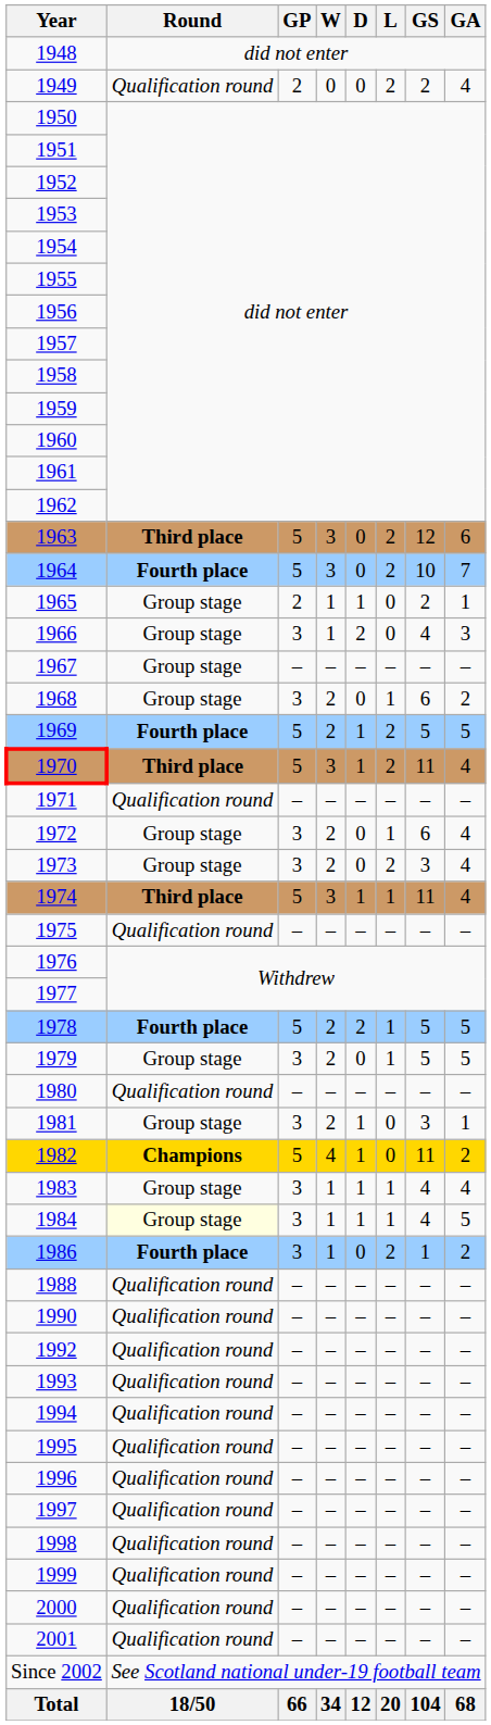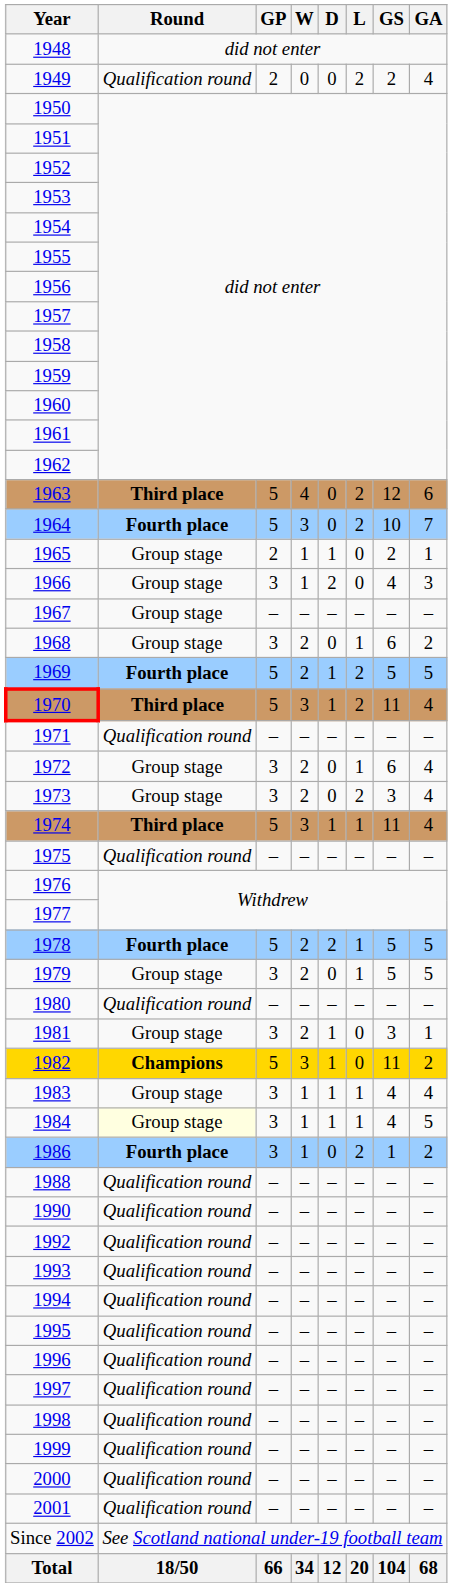 <table class="wikitable" style="text-align: center;">
 <tr>
 <th>Year</th>
 <th>Round</th>
 <th>GP</th>
 <th>W</th>
 <th>D</th>
 <th>L</th>
 <th>GS</th>
 <th>GA</th>
 </tr>
 <tr>
 <td> <a href='#'>1948</a></td>
 <td rowspan=1 colspan=8><em>did not enter</em></td>
 </tr>
 <tr>
 <td> <a href='#'>1949</a></td>
 <td><em>Qualification round</em></td>
 <td>2</td>
 <td>0</td>
 <td>0</td>
 <td>2</td>
 <td>2</td>
 <td>4</td>
 </tr>
 <tr>
 <td> <a href='#'>1950</a></td>
 <td rowspan=13 colspan=8><em>did not enter</em></td>
 </tr>
 <tr>
 <td> <a href='#'>1951</a></td>
 </tr>
 <tr>
 <td> <a href='#'>1952</a></td>
 </tr>
 <tr>
 <td> <a href='#'>1953</a></td>
 </tr>
 <tr>
 <td> <a href='#'>1954</a></td>
 </tr>
 <tr>
 <td> <a href='#'>1955</a></td>
 </tr>
 <tr>
 <td> <a href='#'>1956</a></td>
 </tr>
 <tr>
 <td> <a href='#'>1957</a></td>
 </tr>
 <tr>
 <td> <a href='#'>1958</a></td>
 </tr>
 <tr>
 <td> <a href='#'>1959</a></td>
 </tr>
 <tr>
 <td> <a href='#'>1960</a></td>
 </tr>
 <tr>
 <td> <a href='#'>1961</a></td>
 </tr>
 <tr>
 <td> <a href='#'>1962</a></td>
 </tr>
 <tr bgcolor=#c96>
 <td> <a href='#'>1963</a></td>
 <td><strong>Third place</strong></td>
 <td>5</td>
-<td>3</td>
+<td>4</td>
 <td>0</td>
 <td>2</td>
 <td>12</td>
 <td>6</td>
 </tr>
 <tr style="background:#9acdff">
 <td> <a href='#'>1964</a></td>
 <td><strong>Fourth place</strong></td>
 <td>5</td>
 <td>3</td>
 <td>0</td>
 <td>2</td>
 <td>10</td>
 <td>7</td>
 </tr>
 <tr>
 <td> <a href='#'>1965</a></td>
 <td>Group stage</td>
 <td>2</td>
 <td>1</td>
 <td>1</td>
 <td>0</td>
 <td>2</td>
 <td>1</td>
 </tr>
 <tr>
 <td> <a href='#'>1966</a></td>
 <td>Group stage</td>
 <td>3</td>
 <td>1</td>
 <td>2</td>
 <td>0</td>
 <td>4</td>
 <td>3</td>
 </tr>
 <tr>
 <td> <a href='#'>1967</a></td>
 <td>Group stage</td>
 <td>–</td>
 <td>–</td>
 <td>–</td>
 <td>–</td>
 <td>–</td>
 <td>–</td>
 </tr>
 <tr>
 <td> <a href='#'>1968</a></td>
 <td>Group stage</td>
 <td>3</td>
 <td>2</td>
 <td>0</td>
 <td>1</td>
 <td>6</td>
 <td>2</td>
 </tr>
 <tr style="background:#9acdff">
 <td> <a href='#'>1969</a></td>
 <td><strong>Fourth place</strong></td>
 <td>5</td>
 <td>2</td>
 <td>1</td>
 <td>2</td>
 <td>5</td>
 <td>5</td>
 </tr>
 <tr bgcolor=#c96>
 <td style="border: 3px solid red"> <a href='#'>1970</a></td>
 <td><strong>Third place</strong></td>
 <td>5</td>
 <td>3</td>
 <td>1</td>
 <td>2</td>
 <td>11</td>
 <td>4</td>
 </tr>
 <tr>
 <td> <a href='#'>1971</a></td>
 <td><em>Qualification round</em></td>
 <td>–</td>
 <td>–</td>
 <td>–</td>
 <td>–</td>
 <td>–</td>
 <td>–</td>
 </tr>
 <tr>
 <td> <a href='#'>1972</a></td>
 <td>Group stage</td>
 <td>3</td>
 <td>2</td>
 <td>0</td>
 <td>1</td>
 <td>6</td>
 <td>4</td>
 </tr>
 <tr>
 <td> <a href='#'>1973</a></td>
 <td>Group stage</td>
 <td>3</td>
 <td>2</td>
 <td>0</td>
 <td>2</td>
 <td>3</td>
 <td>4</td>
 </tr>
 <tr bgcolor=#c96>
 <td> <a href='#'>1974</a></td>
 <td><strong>Third place</strong></td>
 <td>5</td>
 <td>3</td>
 <td>1</td>
 <td>1</td>
 <td>11</td>
 <td>4</td>
 </tr>
 <tr>
 <td> <a href='#'>1975</a></td>
 <td><em>Qualification round</em></td>
 <td>–</td>
 <td>–</td>
 <td>–</td>
 <td>–</td>
 <td>–</td>
 <td>–</td>
 </tr>
 <tr>
 <td> <a href='#'>1976</a></td>
 <td rowspan=2 colspan=8><em>Withdrew</em></td>
 </tr>
 <tr>
 <td> <a href='#'>1977</a></td>
 </tr>
 <tr style="background:#9acdff">
 <td> <a href='#'>1978</a></td>
 <td><strong>Fourth place</strong></td>
 <td>5</td>
 <td>2</td>
 <td>2</td>
 <td>1</td>
 <td>5</td>
 <td>5</td>
 </tr>
 <tr>
 <td> <a href='#'>1979</a></td>
 <td>Group stage</td>
 <td>3</td>
 <td>2</td>
 <td>0</td>
 <td>1</td>
 <td>5</td>
 <td>5</td>
 </tr>
 <tr>
 <td> <a href='#'>1980</a></td>
 <td><em>Qualification round</em></td>
 <td>–</td>
 <td>–</td>
 <td>–</td>
 <td>–</td>
 <td>–</td>
 <td>–</td>
 </tr>
 <tr>
 <td> <a href='#'>1981</a></td>
 <td>Group stage</td>
 <td>3</td>
 <td>2</td>
 <td>1</td>
 <td>0</td>
 <td>3</td>
 <td>1</td>
 </tr>
 <tr bgcolor=gold>
 <td> <a href='#'>1982</a></td>
 <td><strong>Champions</strong></td>
 <td>5</td>
-<td>4</td>
+<td>3</td>
 <td>1</td>
 <td>0</td>
 <td>11</td>
 <td>2</td>
 </tr>
 <tr>
 <td> <a href='#'>1983</a></td>
 <td>Group stage</td>
 <td>3</td>
 <td>1</td>
 <td>1</td>
 <td>1</td>
 <td>4</td>
 <td>4</td>
 </tr>
 <tr>
 <td> <a href='#'>1984</a></td>
 <td style="background: lightyellow;">Group stage</td>
 <td>3</td>
 <td>1</td>
 <td>1</td>
 <td>1</td>
 <td>4</td>
 <td>5</td>
 </tr>
 <tr style="background:#9acdff">
 <td> <a href='#'>1986</a></td>
 <td><strong>Fourth place</strong></td>
 <td>3</td>
 <td>1</td>
 <td>0</td>
 <td>2</td>
 <td>1</td>
 <td>2</td>
 </tr>
 <tr>
 <td> <a href='#'>1988</a></td>
 <td><em>Qualification round</em></td>
 <td>–</td>
 <td>–</td>
 <td>–</td>
 <td>–</td>
 <td>–</td>
 <td>–</td>
 </tr>
 <tr>
 <td> <a href='#'>1990</a></td>
 <td><em>Qualification round</em></td>
 <td>–</td>
 <td>–</td>
 <td>–</td>
 <td>–</td>
 <td>–</td>
 <td>–</td>
 </tr>
 <tr>
 <td> <a href='#'>1992</a></td>
 <td><em>Qualification round</em></td>
 <td>–</td>
 <td>–</td>
 <td>–</td>
 <td>–</td>
 <td>–</td>
 <td>–</td>
 </tr>
 <tr>
 <td> <a href='#'>1993</a></td>
 <td><em>Qualification round</em></td>
 <td>–</td>
 <td>–</td>
 <td>–</td>
 <td>–</td>
 <td>–</td>
 <td>–</td>
 </tr>
 <tr>
 <td> <a href='#'>1994</a></td>
 <td><em>Qualification round</em></td>
 <td>–</td>
 <td>–</td>
 <td>–</td>
 <td>–</td>
 <td>–</td>
 <td>–</td>
 </tr>
 <tr>
 <td> <a href='#'>1995</a></td>
 <td><em>Qualification round</em></td>
 <td>–</td>
 <td>–</td>
 <td>–</td>
 <td>–</td>
 <td>–</td>
 <td>–</td>
 </tr>
 <tr>
 <td> <a href='#'>1996</a></td>
 <td><em>Qualification round</em></td>
 <td>–</td>
 <td>–</td>
 <td>–</td>
 <td>–</td>
 <td>–</td>
 <td>–</td>
 </tr>
 <tr>
 <td> <a href='#'>1997</a></td>
 <td><em>Qualification round</em></td>
 <td>–</td>
 <td>–</td>
 <td>–</td>
 <td>–</td>
 <td>–</td>
 <td>–</td>
 </tr>
 <tr>
 <td> <a href='#'>1998</a></td>
 <td><em>Qualification round</em></td>
 <td>–</td>
 <td>–</td>
 <td>–</td>
 <td>–</td>
 <td>–</td>
 <td>–</td>
 </tr>
 <tr>
 <td> <a href='#'>1999</a></td>
 <td><em>Qualification round</em></td>
 <td>–</td>
 <td>–</td>
 <td>–</td>
 <td>–</td>
 <td>–</td>
 <td>–</td>
 </tr>
 <tr>
 <td> <a href='#'>2000</a></td>
 <td><em>Qualification round</em></td>
 <td>–</td>
 <td>–</td>
 <td>–</td>
 <td>–</td>
 <td>–</td>
 <td>–</td>
 </tr>
 <tr>
 <td> <a href='#'>2001</a></td>
 <td><em>Qualification round</em></td>
 <td>–</td>
 <td>–</td>
 <td>–</td>
 <td>–</td>
 <td>–</td>
 <td>–</td>
 </tr>
 <tr>
 <td>Since <a href='#'>2002</a></td>
 <td colspan=9><em>See <a href='#'>Scotland national under-19 football team</a></em></td>
 </tr>
 <tr>
 <th>Total</th>
 <th>18/50</th>
 <th>66</th>
 <th>34</th>
 <th>12</th>
 <th>20</th>
 <th>104</th>
 <th>68</th>
 </tr>
 </table>
